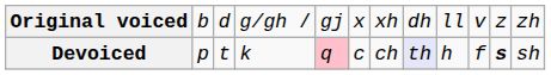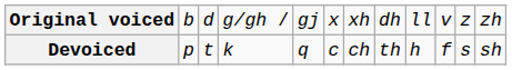 <table class="wikitable">
 <tr>
 <th>Original voiced</th>
 <td><em>b</em> </td>
 <td><em>d</em> </td>
 <td><em>g/gh</em> /</td>
 <td><em>gj</em> </td>
 <td><em>x</em> </td>
 <td><em>xh</em> </td>
 <td><em>dh</em> </td>
 <td><em>ll</em> </td>
 <td><em>v</em> </td>
 <td><em>z</em> </td>
 <td><em>zh</em> </td>
 </tr>
 <tr>
 <th>Devoiced</th>
 <td><em>p</em> </td>
 <td><em>t</em> </td>
 <td><em>k</em> </td>
-<td style="background: pink;"><em>q</em> </td>
+<td><em>q</em> </td>
 <td><em>c</em> </td>
 <td><em>ch</em> </td>
-<td style="background: lavender;"><em>th</em> </td>
+<td><em>th</em> </td>
 <td><em>h</em> </td>
 <td><em>f</em> </td>
-<td><strong><em>s</em> </strong></td>
+<td><em>s</em> </td>
 <td><em>sh</em> </td>
 </tr>
 </table>
